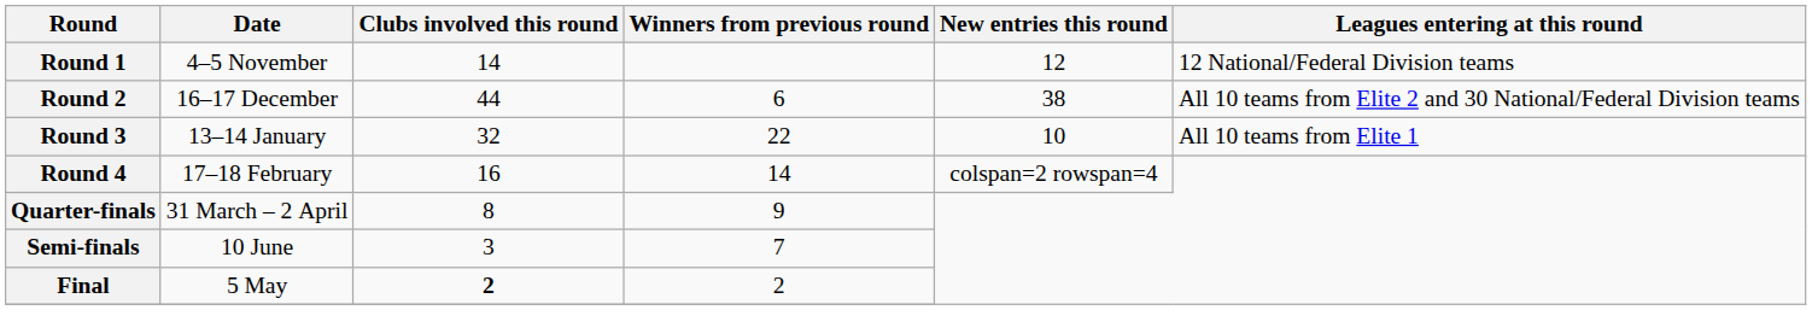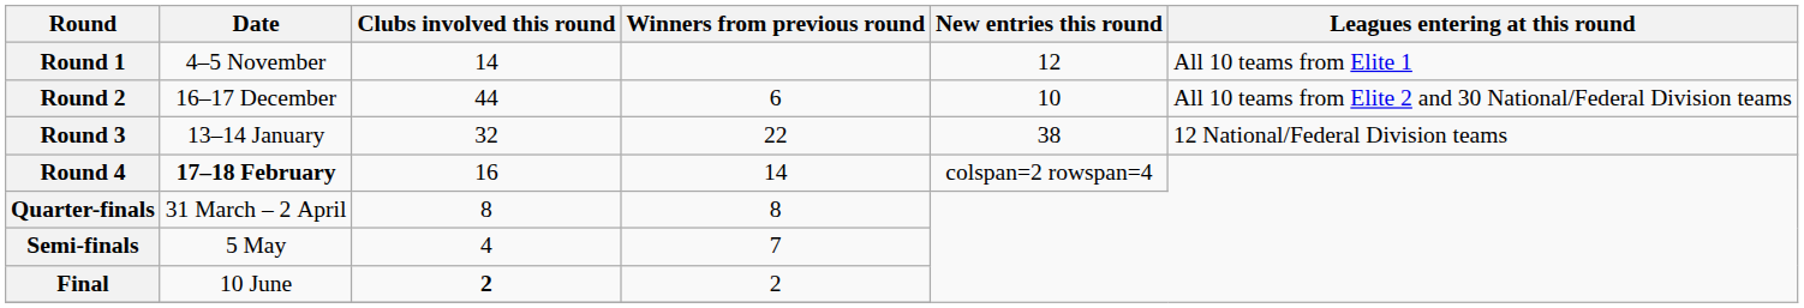 <table class="wikitable plainrowheaders" style="text-align:center;">
 <tr>
 <th scope="col">Round</th>
 <th scope="col">Date</th>
 <th scope="col">Clubs involved this round</th>
 <th scope="col">Winners from previous round</th>
 <th scope="col">New entries this round</th>
 <th scope="col">Leagues entering at this round</th>
 </tr>
 <tr>
 <th scope="row" style="text-align:center;">Round 1</th>
 <td>4–5 November</td>
 <td>14</td>
 <td></td>
 <td>12</td>
-<td style="text-align: left;">12 National/Federal Division teams</td>
+<td style="text-align: left;">All 10 teams from <a href='#'>Elite 1</a></td>
 </tr>
 <tr>
 <th scope="row" style="text-align:center;">Round 2</th>
 <td>16–17 December</td>
 <td>44</td>
 <td>6</td>
-<td>38</td>
+<td>10</td>
 <td style="text-align: left;">All 10 teams from <a href='#'>Elite 2</a> and 30 National/Federal Division teams</td>
 </tr>
 <tr>
 <th scope="row" style="text-align:center;">Round 3</th>
 <td>13–14 January</td>
 <td>32</td>
 <td>22</td>
-<td>10</td>
-<td style="text-align: left;">All 10 teams from <a href='#'>Elite 1</a></td>
+<td>38</td>
+<td style="text-align: left;">12 National/Federal Division teams</td>
 </tr>
 <tr>
 <th scope="row" style="text-align:center;">Round 4</th>
-<td>17–18 February</td>
+<td><strong>17–18 February</strong></td>
 <td>16</td>
 <td>14</td>
 <td>colspan=2 rowspan=4</td>
 </tr>
 <tr>
 <th scope="row" style="text-align:center;">Quarter-finals</th>
 <td>31 March – 2 April</td>
 <td>8</td>
-<td>9</td>
+<td>8</td>
 </tr>
 <tr>
 <th scope="row" style="text-align:center;">Semi-finals</th>
-<td>10 June</td>
-<td>3</td>
+<td>5 May</td>
+<td>4</td>
 <td>7</td>
 </tr>
 <tr>
 <th scope="row" style="text-align:center;">Final</th>
-<td>5 May</td>
+<td>10 June</td>
 <td><strong>2</strong></td>
 <td>2</td>
 </tr>
 <tr>
 </tr>
 </table>
